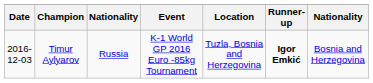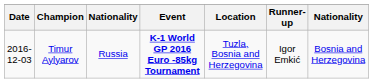 <table class="wikitable" style="text-align:center">
 <tr>
 </tr>
 <tr bgcolor="#dddddd">
 <th>Date</th>
 <th>Champion</th>
 <th>Nationality</th>
 <th>Event</th>
 <th>Location</th>
 <th>Runner-up</th>
 <th>Nationality</th>
 </tr>
 <tr>
 <td>2016-12-03</td>
 <td><a href='#'>Timur Aylyarov</a></td>
 <td> <a href='#'>Russia</a></td>
-<td><a href='#'>K-1 World GP 2016 Euro -85kg Tournament</a></td>
+<td><strong><a href='#'>K-1 World GP 2016 Euro -85kg Tournament</a></strong></td>
 <td><a href='#'>Tuzla, Bosnia and Herzegovina</a></td>
-<td><strong>Igor Emkić</strong></td>
+<td>Igor Emkić</td>
 <td> <a href='#'>Bosnia and Herzegovina</a></td>
 </tr>
 </table>
